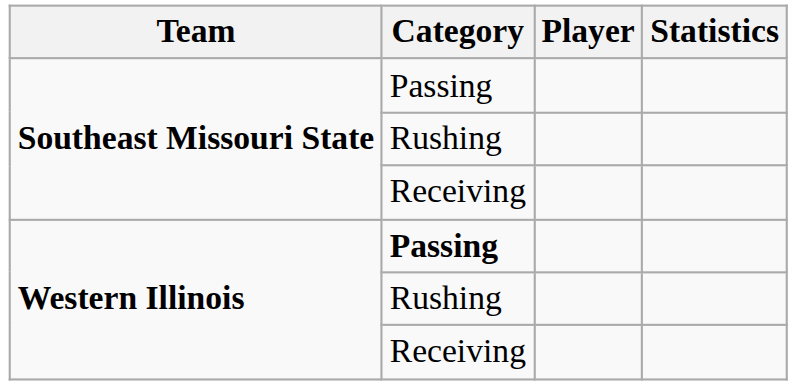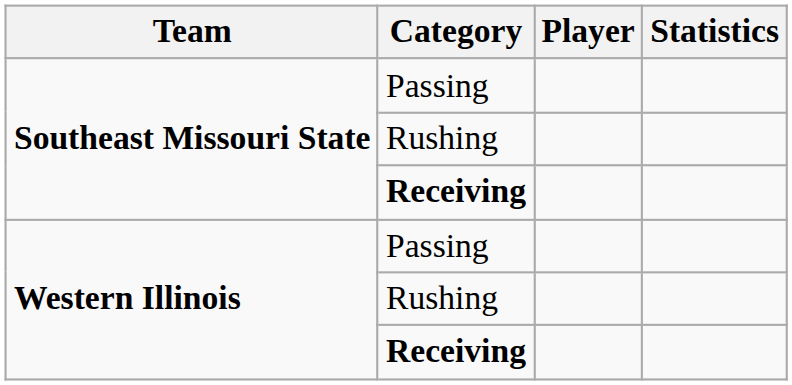 <table class="wikitable" style="float: right;">
 <tr>
 <th>Team</th>
 <th>Category</th>
 <th>Player</th>
 <th>Statistics</th>
 </tr>
 <tr>
 <td rowspan=3><strong>Southeast Missouri State</strong></td>
 <td>Passing</td>
 <td></td>
 <td></td>
 </tr>
 <tr>
 <td>Rushing</td>
 <td></td>
 <td></td>
 </tr>
 <tr>
-<td>Receiving</td>
+<td><strong>Receiving</strong></td>
 <td></td>
 <td></td>
 </tr>
 <tr>
 <td rowspan=3><strong>Western Illinois</strong></td>
-<td><strong>Passing</strong></td>
+<td>Passing</td>
 <td></td>
 <td></td>
 </tr>
 <tr>
 <td>Rushing</td>
 <td></td>
 <td></td>
 </tr>
 <tr>
-<td>Receiving</td>
+<td><strong>Receiving</strong></td>
 <td></td>
 <td></td>
 </tr>
 </table>
